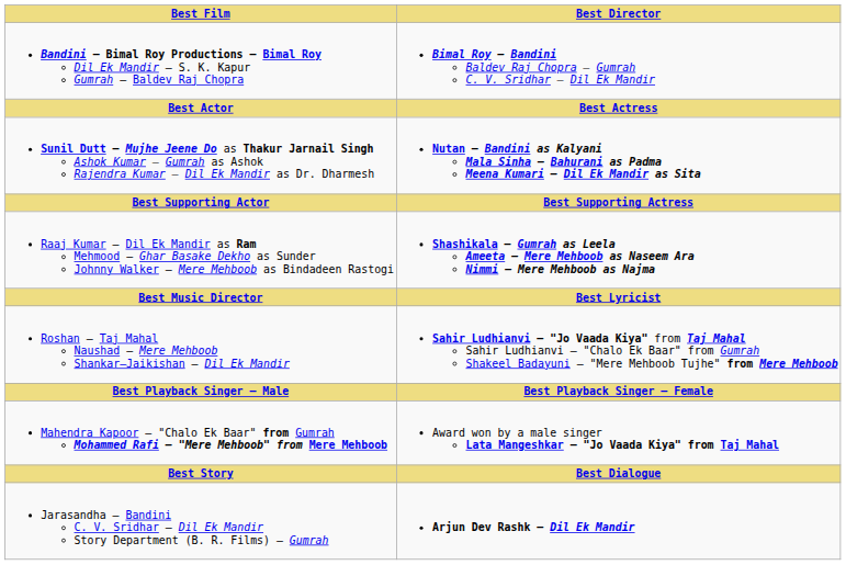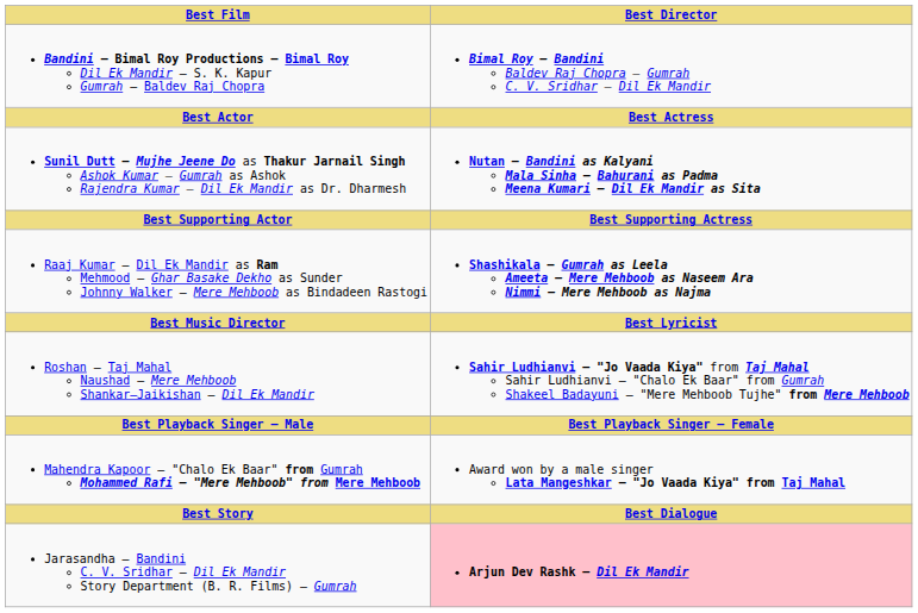 <table class="wikitable">
 <tr>
 <th style="background:#EEDD82;"><a href='#'>Best Film</a></th>
 <th style="background:#EEDD82;"><a href='#'>Best Director</a></th>
 </tr>
 <tr>
 <td valign="top"><br><ul><li><strong> <em><a href='#'>Bandini</a></em> – Bimal Roy Productions – <a href='#'>Bimal Roy</a> </strong><ul><li><em><a href='#'>Dil Ek Mandir</a></em> – S. K. Kapur</li><li><em><a href='#'>Gumrah</a></em> – <a href='#'>Baldev Raj Chopra</a></li></ul></li></ul></td>
 <td valign="top"><br><ul><li><strong> <em><a href='#'>Bimal Roy</a> – <a href='#'>Bandini</a></em> </strong><ul><li><em><a href='#'>Baldev Raj Chopra</a> – <a href='#'>Gumrah</a></em></li><li><em><a href='#'>C. V. Sridhar</a> – <a href='#'>Dil Ek Mandir</a></em></li></ul></li></ul></td>
 </tr>
 <tr>
 <th style="background:#EEDD82;"><a href='#'>Best Actor</a></th>
 <th style="background:#EEDD82;"><a href='#'>Best Actress</a></th>
 </tr>
 <tr>
 <td><br><ul><li><strong><a href='#'>Sunil Dutt</a> – <em><a href='#'>Mujhe Jeene Do</a></em> </strong>as <strong>Thakur Jarnail Singh</strong><ul><li><em><a href='#'>Ashok Kumar</a> – <a href='#'>Gumrah</a></em> as Ashok</li><li><em><a href='#'>Rajendra Kumar</a> – <a href='#'>Dil Ek Mandir</a></em> as Dr. Dharmesh</li></ul></li></ul></td>
 <td><br><ul><li><strong><a href='#'>Nutan</a> – <em><a href='#'>Bandini</a><strong><em> as </strong>Kalyani<strong><ul><li></em><a href='#'>Mala Sinha</a> – <a href='#'>Bahurani</a><em> as Padma</li><li></em><a href='#'>Meena Kumari</a> – <a href='#'>Dil Ek Mandir</a><em> as Sita</li></ul></li></ul></td>
 </tr>
 <tr>
 <th style="background:#EEDD82;"><a href='#'>Best Supporting Actor</a></th>
 <th style="background:#EEDD82;"><a href='#'>Best Supporting Actress</a></th>
 </tr>
 <tr>
 <td><br><ul><li></strong><a href='#'>Raaj Kumar</a> – </em><a href='#'>Dil Ek Mandir</a></em></strong> as <strong>Ram</strong><ul><li><a href='#'>Mehmood</a> – <em><a href='#'>Ghar Basake Dekho</a></em> as Sunder</li><li><a href='#'>Johnny Walker</a> – <em><a href='#'>Mere Mehboob</a></em> as Bindadeen Rastogi</li></ul></li></ul></td>
 <td><br><ul><li><strong><a href='#'>Shashikala</a> – <em><a href='#'>Gumrah</a><strong><em> as </strong>Leela<strong><ul><li><a href='#'>Ameeta</a> – </em><a href='#'>Mere Mehboob</a><em> as Naseem Ara</li><li><a href='#'>Nimmi</a> – </em>Mere Mehboob<em> as Najma</li></ul></li></ul></td>
 </tr>
 <tr>
 <th style="background:#EEDD82;"><a href='#'>Best Music Director</a></th>
 <th style="background:#EEDD82;"><a href='#'>Best Lyricist</a></th>
 </tr>
 <tr>
 <td><br><ul><li></strong><a href='#'>Roshan</a> – </em><a href='#'>Taj Mahal</a></em></strong><ul><li><a href='#'>Naushad</a> – <em><a href='#'>Mere Mehboob</a></em></li><li><a href='#'>Shankar–Jaikishan</a> – <em><a href='#'>Dil Ek Mandir</a></em></li></ul></li></ul></td>
 <td><br><ul><li><strong><a href='#'>Sahir Ludhianvi</a> – "Jo Vaada Kiya"</strong> from <strong><em><a href='#'>Taj Mahal</a></em></strong><ul><li>Sahir Ludhianvi – "Chalo Ek Baar" from <em><a href='#'>Gumrah</a></em></li><li><a href='#'>Shakeel Badayuni</a> – "Mere Mehboob Tujhe"<strong> from <strong><em><a href='#'>Mere Mehboob</a><em></li></ul></li></ul></td>
 </tr>
 <tr>
 <th style="background:#EEDD82;"><a href='#'>Best Playback Singer – Male</a></th>
 <th style="background:#EEDD82;"><a href='#'>Best Playback Singer – Female</a></th>
 </tr>
 <tr>
 <td><br><ul><li></strong><a href='#'>Mahendra Kapoor</a> – "Chalo Ek Baar"<strong> from </em></strong><a href='#'>Gumrah</a><strong><em><ul><li><a href='#'>Mohammed Rafi</a> – "Mere Mehboob" from </em><a href='#'>Mere Mehboob</a><em></li></ul></li></ul></td>
 <td><br><ul><li></strong>Award won by a male singer<strong><ul><li><a href='#'>Lata Mangeshkar</a> – "Jo Vaada Kiya" from </em><a href='#'>Taj Mahal</a><em></li></ul></li></ul></td>
 </tr>
 <tr>
 <th style="background:#EEDD82;"><a href='#'>Best Story</a></th>
 <th style="background:#EEDD82;"><a href='#'>Best Dialogue</a></th>
 </tr>
 <tr>
 <td><br><ul><li></strong>Jarasandha – </em><a href='#'>Bandini</a></em></strong><ul><li><a href='#'>C. V. Sridhar</a> – <em><a href='#'>Dil Ek Mandir</a></em></li><li>Story Department (B. R. Films) – <em><a href='#'>Gumrah</a></em></li></ul></li></ul></td>
-<td><br><ul><li><strong>Arjun Dev Rashk – <em><a href='#'>Dil Ek Mandir</a><strong><em></li></ul></td>
+<td style="background: pink;"><br><ul><li><strong>Arjun Dev Rashk – <em><a href='#'>Dil Ek Mandir</a><strong><em></li></ul></td>
 </tr>
 </table>
